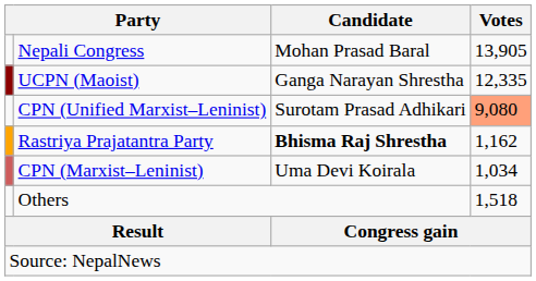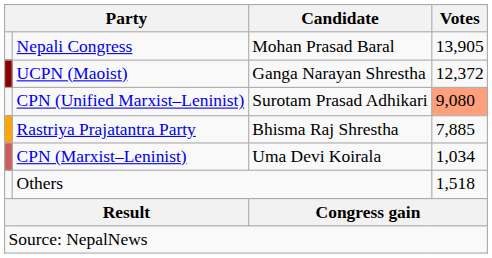 <table class="wikitable">
 <tr>
 <th colspan="2">Party</th>
 <th>Candidate</th>
 <th>Votes</th>
 </tr>
 <tr>
 <td style="background-color:"></td>
 <td><a href='#'>Nepali Congress</a></td>
 <td>Mohan Prasad Baral</td>
 <td>13,905</td>
 </tr>
 <tr>
 <td style="background-color:darkred"></td>
 <td><a href='#'>UCPN (Maoist)</a></td>
 <td>Ganga Narayan Shrestha</td>
-<td>12,335</td>
+<td>12,372</td>
 </tr>
 <tr>
 <td style="background-color:"></td>
 <td><a href='#'>CPN (Unified Marxist–Leninist)</a></td>
 <td>Surotam Prasad Adhikari</td>
 <td style="background: lightsalmon;">9,080</td>
 </tr>
 <tr>
 <td style="background-color:orange"></td>
 <td><a href='#'>Rastriya Prajatantra Party</a></td>
-<td><strong>Bhisma Raj Shrestha</strong></td>
-<td>1,162</td>
+<td>Bhisma Raj Shrestha</td>
+<td>7,885</td>
 </tr>
 <tr>
 <td style="background-color:indianred"></td>
 <td><a href='#'>CPN (Marxist–Leninist)</a></td>
 <td>Uma Devi Koirala</td>
 <td>1,034</td>
 </tr>
 <tr>
 <td></td>
 <td colspan="2">Others</td>
 <td>1,518</td>
 </tr>
 <tr>
 <th colspan="2">Result</th>
 <th colspan="2">Congress gain</th>
 </tr>
 <tr>
 <td colspan="4">Source: NepalNews</td>
 </tr>
 </table>
